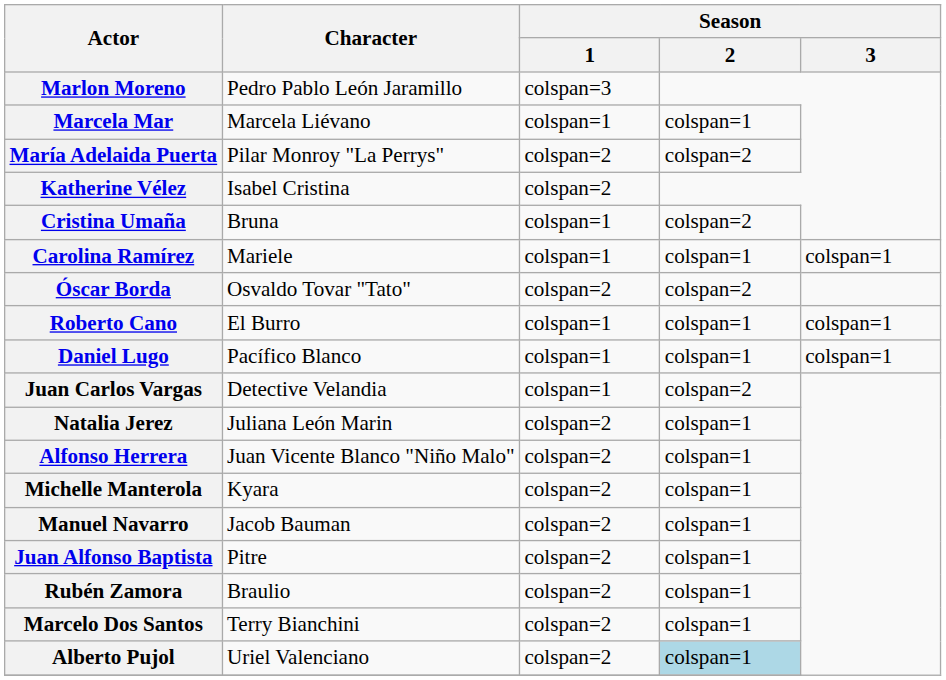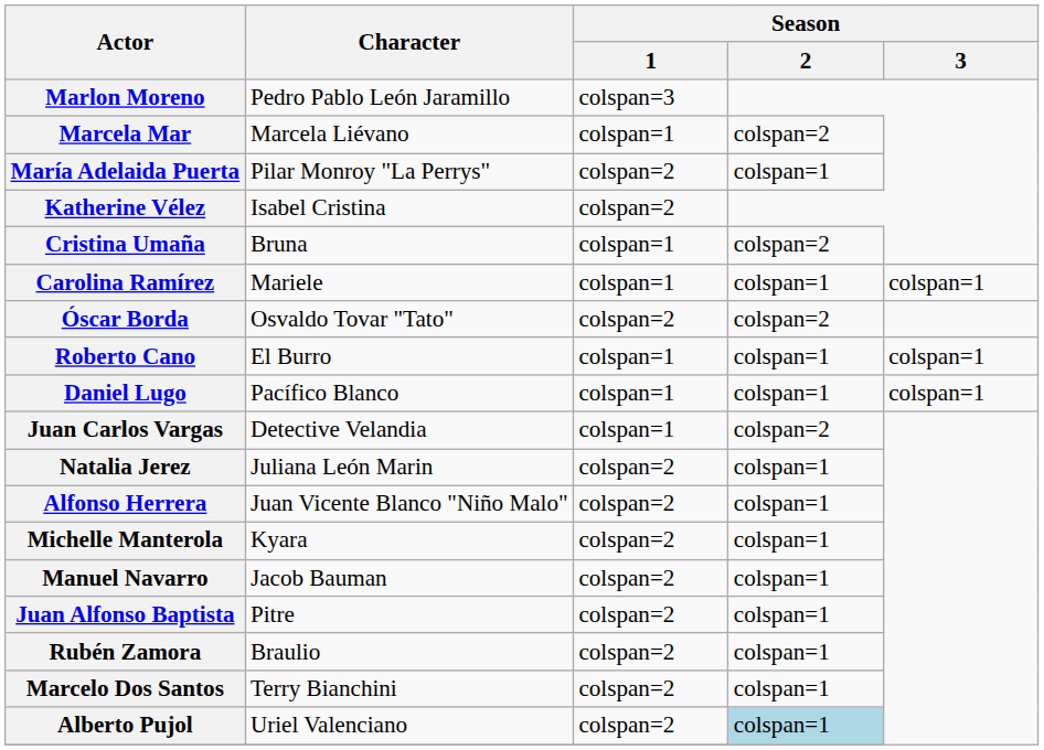 <table class="wikitable plainrowheaders">
 <tr>
 <th rowspan=2 scope="col">Actor</th>
 <th rowspan=2 scope="col">Character</th>
 <th colspan=4>Season</th>
 </tr>
 <tr>
 <th style="width:15%;" scope="col">1</th>
 <th style="width:15%;" scope="col">2</th>
 <th style="width:15%;" scope="col">3</th>
 </tr>
 <tr>
 <th scope="row"><a href='#'>Marlon Moreno</a></th>
 <td>Pedro Pablo León Jaramillo</td>
 <td>colspan=3 </td>
 </tr>
 <tr>
 <th scope="row"><a href='#'>Marcela Mar</a></th>
 <td>Marcela Liévano</td>
 <td>colspan=1 </td>
-<td>colspan=1 </td>
+<td>colspan=2 </td>
 </tr>
 <tr>
 <th scope="row"><a href='#'>María Adelaida Puerta</a></th>
 <td>Pilar Monroy "La Perrys"</td>
 <td>colspan=2 </td>
-<td>colspan=2 </td>
+<td>colspan=1 </td>
 </tr>
 <tr>
 <th scope="row"><a href='#'>Katherine Vélez</a></th>
 <td>Isabel Cristina</td>
 <td>colspan=2 </td>
 </tr>
 <tr>
 <th scope="row"><a href='#'>Cristina Umaña</a></th>
 <td>Bruna</td>
 <td>colspan=1 </td>
 <td>colspan=2 </td>
 </tr>
 <tr>
 <th scope="row"><a href='#'>Carolina Ramírez</a></th>
 <td>Mariele</td>
 <td>colspan=1 </td>
 <td>colspan=1 </td>
 <td>colspan=1 </td>
 </tr>
 <tr>
 <th scope="row"><a href='#'>Óscar Borda</a></th>
 <td>Osvaldo Tovar "Tato"</td>
 <td>colspan=2 </td>
 <td>colspan=2 </td>
 </tr>
 <tr>
 <th scope="row"><a href='#'>Roberto Cano</a></th>
 <td>El Burro</td>
 <td>colspan=1 </td>
 <td>colspan=1 </td>
 <td>colspan=1 </td>
 </tr>
 <tr>
 <th scope="row"><a href='#'>Daniel Lugo</a></th>
 <td>Pacífico Blanco</td>
 <td>colspan=1 </td>
 <td>colspan=1 </td>
 <td>colspan=1 </td>
 </tr>
 <tr>
 <th scope="row">Juan Carlos Vargas</th>
 <td>Detective Velandia</td>
 <td>colspan=1 </td>
 <td>colspan=2 </td>
 </tr>
 <tr>
 <th scope="row">Natalia Jerez</th>
 <td>Juliana León Marin</td>
 <td>colspan=2 </td>
 <td>colspan=1 </td>
 </tr>
 <tr>
 <th scope="row"><a href='#'>Alfonso Herrera</a></th>
 <td>Juan Vicente Blanco "Niño Malo"</td>
 <td>colspan=2 </td>
 <td>colspan=1 </td>
 </tr>
 <tr>
 <th scope="row">Michelle Manterola</th>
 <td>Kyara</td>
 <td>colspan=2 </td>
 <td>colspan=1 </td>
 </tr>
 <tr>
 <th scope="row">Manuel Navarro</th>
 <td>Jacob Bauman</td>
 <td>colspan=2 </td>
 <td>colspan=1 </td>
 </tr>
 <tr>
 <th scope="row"><a href='#'>Juan Alfonso Baptista</a></th>
 <td>Pitre</td>
 <td>colspan=2 </td>
 <td>colspan=1 </td>
 </tr>
 <tr>
 <th scope="row">Rubén Zamora</th>
 <td>Braulio</td>
 <td>colspan=2 </td>
 <td>colspan=1 </td>
 </tr>
 <tr>
 <th scope="row">Marcelo Dos Santos</th>
 <td>Terry Bianchini</td>
 <td>colspan=2 </td>
 <td>colspan=1 </td>
 </tr>
 <tr>
 <th scope="row">Alberto Pujol</th>
 <td>Uriel Valenciano</td>
 <td>colspan=2 </td>
 <td style="background: lightblue;">colspan=1 </td>
 </tr>
 <tr>
 </tr>
 </table>
